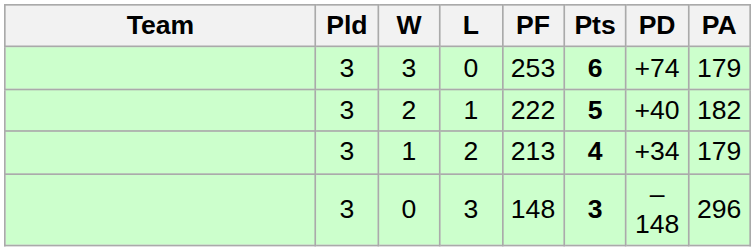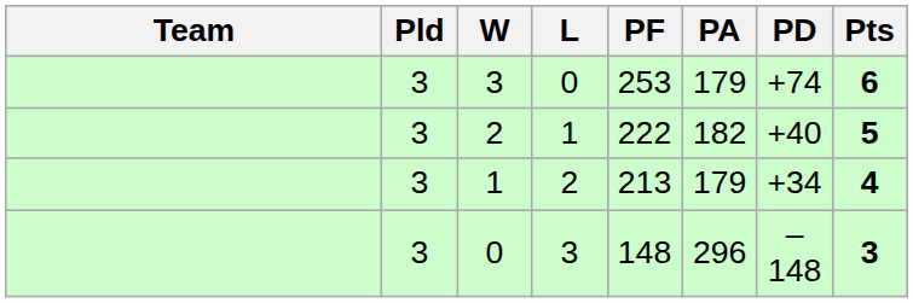 <table class="wikitable" style="text-align:center;">
 <tr>
 <th width=180>Team</th>
 <th width=30>Pld</th>
 <th width=30>W</th>
 <th width=30>L</th>
 <th width=30>PF</th>
+<th width=30>PA</th>
+<th width=30>PD</th>
 <th width=30>Pts</th>
-<th width=30>PD</th>
-<th width=30>PA</th>
 </tr>
 <tr bgcolor="#ccffcc">
 <td align="left"></td>
 <td>3</td>
 <td>3</td>
 <td>0</td>
 <td>253</td>
+<td>179</td>
+<td>+74</td>
 <td><strong>6</strong></td>
-<td>+74</td>
-<td>179</td>
 </tr>
 <tr bgcolor="#ccffcc">
 <td align="left"></td>
 <td>3</td>
 <td>2</td>
 <td>1</td>
 <td>222</td>
+<td>182</td>
+<td>+40</td>
 <td><strong>5</strong></td>
-<td>+40</td>
-<td>182</td>
 </tr>
 <tr bgcolor="#ccffcc">
 <td align="left"></td>
 <td>3</td>
 <td>1</td>
 <td>2</td>
 <td>213</td>
+<td>179</td>
+<td>+34</td>
 <td><strong>4</strong></td>
-<td>+34</td>
-<td>179</td>
 </tr>
 <tr bgcolor="#ccffcc">
 <td align="left"></td>
 <td>3</td>
 <td>0</td>
 <td>3</td>
 <td>148</td>
+<td>296</td>
+<td>–148</td>
 <td><strong>3</strong></td>
-<td>–148</td>
-<td>296</td>
 </tr>
 </table>
